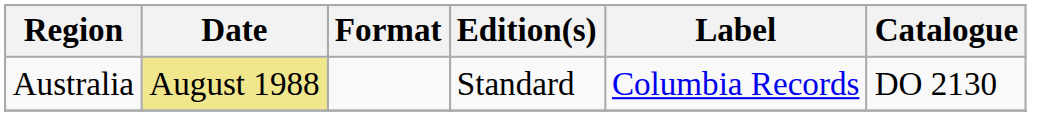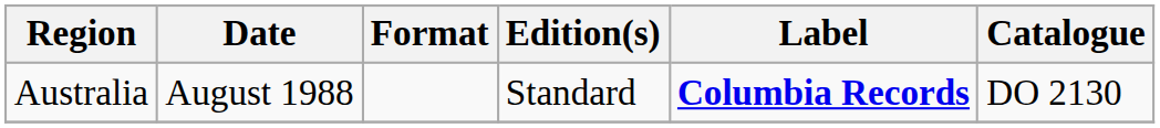 <table class="wikitable plainrowheaders">
 <tr>
 <th scope="col">Region</th>
 <th scope="col">Date</th>
 <th scope="col">Format</th>
 <th scope="col">Edition(s)</th>
 <th scope="col">Label</th>
 <th scope="col">Catalogue</th>
 </tr>
 <tr>
 <td>Australia</td>
-<td style="background: khaki;">August 1988</td>
+<td>August 1988</td>
 <td></td>
 <td>Standard</td>
-<td><a href='#'>Columbia Records</a></td>
+<td><strong><a href='#'>Columbia Records</a></strong></td>
 <td>DO 2130</td>
 </tr>
 <tr>
 </tr>
 </table>
